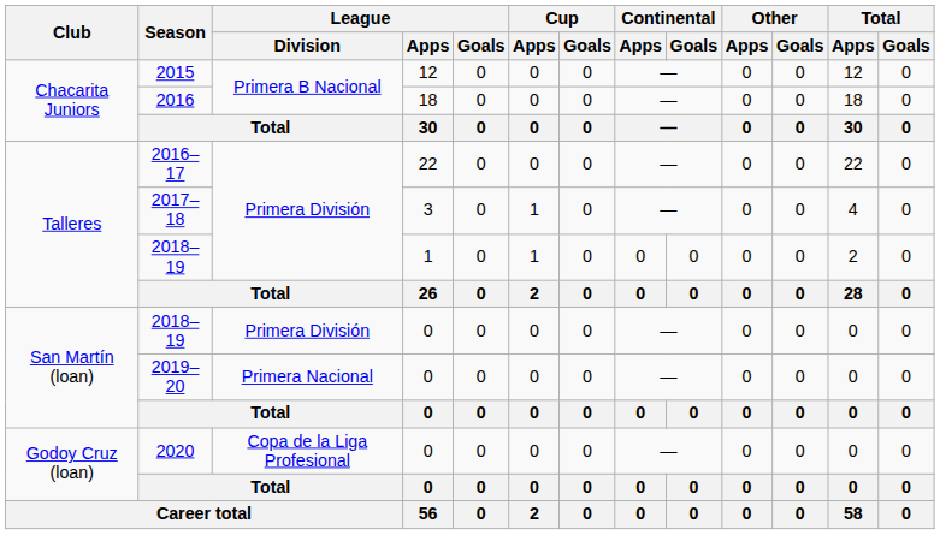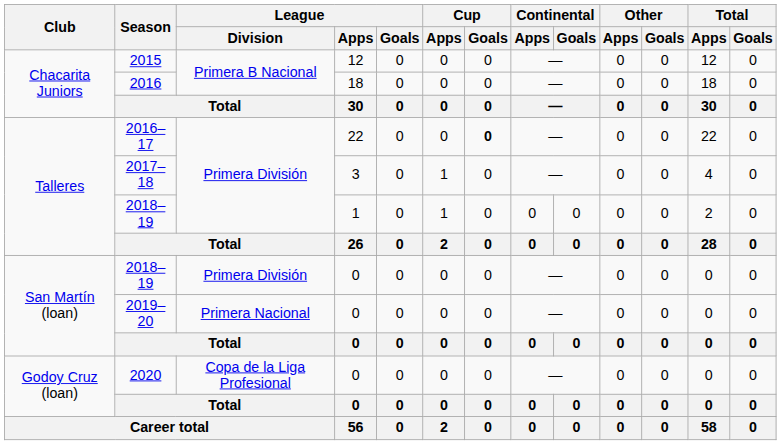 <table class="wikitable" style="text-align:center">
 <tr>
 <th rowspan="2">Club</th>
 <th rowspan="2">Season</th>
 <th colspan="3">League</th>
 <th colspan="2">Cup</th>
 <th colspan="2">Continental</th>
 <th colspan="2">Other</th>
 <th colspan="2">Total</th>
 </tr>
 <tr>
 <th>Division</th>
 <th>Apps</th>
 <th>Goals</th>
 <th>Apps</th>
 <th>Goals</th>
 <th>Apps</th>
 <th>Goals</th>
 <th>Apps</th>
 <th>Goals</th>
 <th>Apps</th>
 <th>Goals</th>
 </tr>
 <tr>
 <td rowspan="3"><a href='#'>Chacarita Juniors</a></td>
 <td><a href='#'>2015</a></td>
 <td rowspan="2"><a href='#'>Primera B Nacional</a></td>
 <td>12</td>
 <td>0</td>
 <td>0</td>
 <td>0</td>
 <td colspan="2">—</td>
 <td>0</td>
 <td>0</td>
 <td>12</td>
 <td>0</td>
 </tr>
 <tr>
 <td><a href='#'>2016</a></td>
 <td>18</td>
 <td>0</td>
 <td>0</td>
 <td>0</td>
 <td colspan="2">—</td>
 <td>0</td>
 <td>0</td>
 <td>18</td>
 <td>0</td>
 </tr>
 <tr>
 <th colspan="2">Total</th>
 <th>30</th>
 <th>0</th>
 <th>0</th>
 <th>0</th>
 <th colspan="2">—</th>
 <th>0</th>
 <th>0</th>
 <th>30</th>
 <th>0</th>
 </tr>
 <tr>
 <td rowspan="4"><a href='#'>Talleres</a></td>
 <td><a href='#'>2016–17</a></td>
 <td rowspan="3"><a href='#'>Primera División</a></td>
 <td>22</td>
 <td>0</td>
 <td>0</td>
-<td>0</td>
+<td><strong>0</strong></td>
 <td colspan="2">—</td>
 <td>0</td>
 <td>0</td>
 <td>22</td>
 <td>0</td>
 </tr>
 <tr>
 <td><a href='#'>2017–18</a></td>
 <td>3</td>
 <td>0</td>
 <td>1</td>
 <td>0</td>
 <td colspan="2">—</td>
 <td>0</td>
 <td>0</td>
 <td>4</td>
 <td>0</td>
 </tr>
 <tr>
 <td><a href='#'>2018–19</a></td>
 <td>1</td>
 <td>0</td>
 <td>1</td>
 <td>0</td>
 <td>0</td>
 <td>0</td>
 <td>0</td>
 <td>0</td>
 <td>2</td>
 <td>0</td>
 </tr>
 <tr>
 <th colspan="2">Total</th>
 <th>26</th>
 <th>0</th>
 <th>2</th>
 <th>0</th>
 <th>0</th>
 <th>0</th>
 <th>0</th>
 <th>0</th>
 <th>28</th>
 <th>0</th>
 </tr>
 <tr>
 <td rowspan="3"><a href='#'>San Martín</a> (loan)</td>
 <td><a href='#'>2018–19</a></td>
 <td rowspan="1"><a href='#'>Primera División</a></td>
 <td>0</td>
 <td>0</td>
 <td>0</td>
 <td>0</td>
 <td colspan="2">—</td>
 <td>0</td>
 <td>0</td>
 <td>0</td>
 <td>0</td>
 </tr>
 <tr>
 <td><a href='#'>2019–20</a></td>
 <td rowspan="1"><a href='#'>Primera Nacional</a></td>
 <td>0</td>
 <td>0</td>
 <td>0</td>
 <td>0</td>
 <td colspan="2">—</td>
 <td>0</td>
 <td>0</td>
 <td>0</td>
 <td>0</td>
 </tr>
 <tr>
 <th colspan="2">Total</th>
 <th>0</th>
 <th>0</th>
 <th>0</th>
 <th>0</th>
 <th>0</th>
 <th>0</th>
 <th>0</th>
 <th>0</th>
 <th>0</th>
 <th>0</th>
 </tr>
 <tr>
 <td rowspan="2"><a href='#'>Godoy Cruz</a> (loan)</td>
 <td><a href='#'>2020</a></td>
 <td rowspan="1"><a href='#'>Copa de la Liga Profesional</a></td>
 <td>0</td>
 <td>0</td>
 <td>0</td>
 <td>0</td>
 <td colspan="2">—</td>
 <td>0</td>
 <td>0</td>
 <td>0</td>
 <td>0</td>
 </tr>
 <tr>
 <th colspan="2">Total</th>
 <th>0</th>
 <th>0</th>
 <th>0</th>
 <th>0</th>
 <th>0</th>
 <th>0</th>
 <th>0</th>
 <th>0</th>
 <th>0</th>
 <th>0</th>
 </tr>
 <tr>
 <th colspan="3">Career total</th>
 <th>56</th>
 <th>0</th>
 <th>2</th>
 <th>0</th>
 <th>0</th>
 <th>0</th>
 <th>0</th>
 <th>0</th>
 <th>58</th>
 <th>0</th>
 </tr>
 </table>
